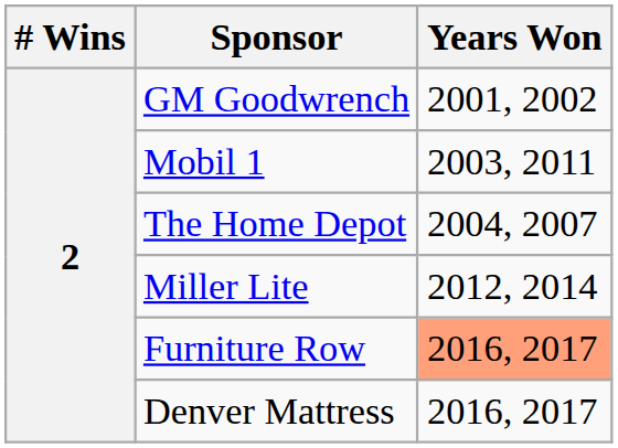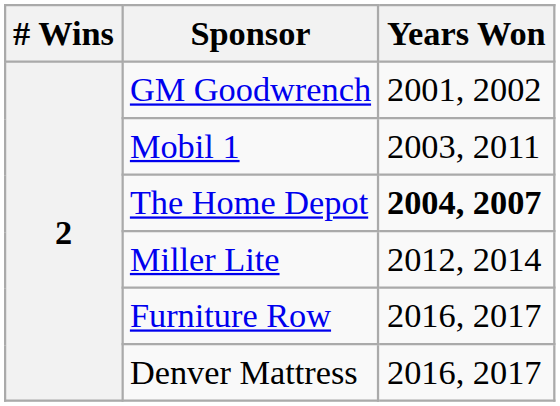 <table class="wikitable" style="font-size: 95%;">
 <tr>
 <th># Wins</th>
 <th>Sponsor</th>
 <th>Years Won</th>
 </tr>
 <tr>
 <th rowspan="6">2</th>
 <td><a href='#'>GM Goodwrench</a></td>
 <td>2001, 2002</td>
 </tr>
 <tr>
 <td><a href='#'>Mobil 1</a></td>
 <td>2003, 2011</td>
 </tr>
 <tr>
 <td><a href='#'>The Home Depot</a></td>
-<td>2004, 2007</td>
+<td><strong>2004, 2007</strong></td>
 </tr>
 <tr>
 <td><a href='#'>Miller Lite</a></td>
 <td>2012, 2014</td>
 </tr>
 <tr>
 <td><a href='#'>Furniture Row</a></td>
-<td style="background: lightsalmon;">2016, 2017</td>
+<td>2016, 2017</td>
 </tr>
 <tr>
 <td>Denver Mattress</td>
 <td>2016, 2017</td>
 </tr>
 </table>
